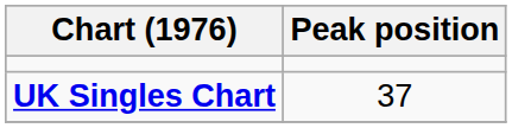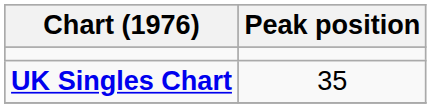 <table class="wikitable">
 <tr>
 <th>Chart (1976)</th>
 <th>Peak position</th>
 </tr>
 <tr>
 <td></td>
 </tr>
 <tr>
 <td><strong><a href='#'>UK Singles Chart</a></strong></td>
-<td style="text-align:center;">37</td>
+<td style="text-align:center;">35</td>
 </tr>
 <tr>
 </tr>
 </table>
